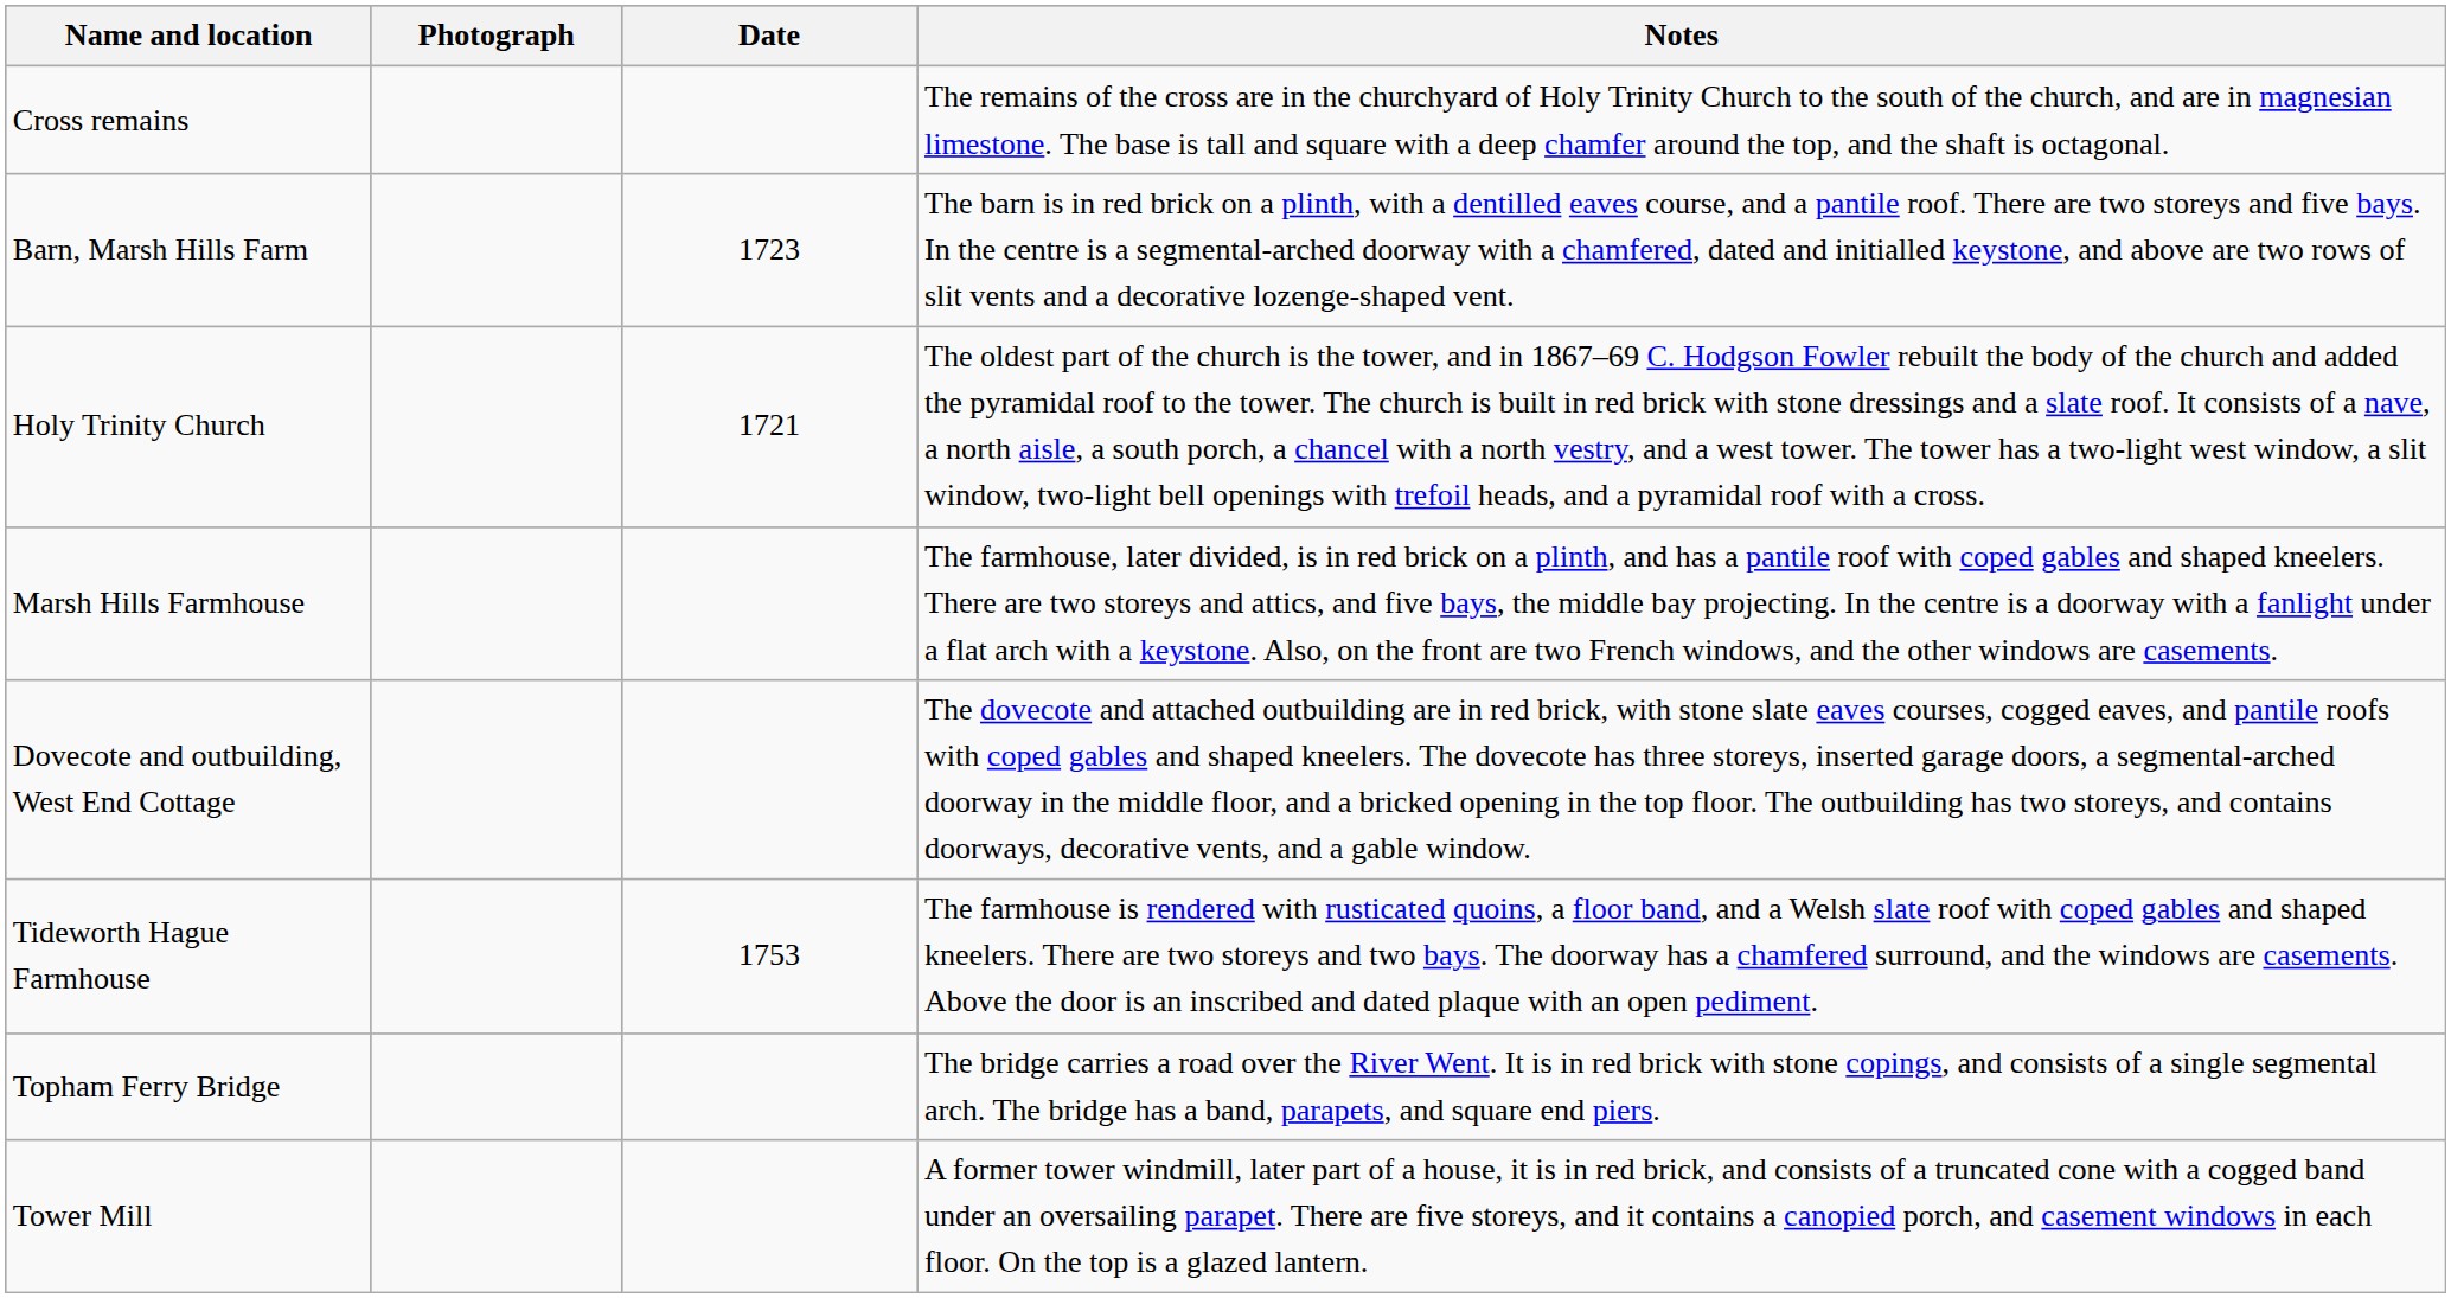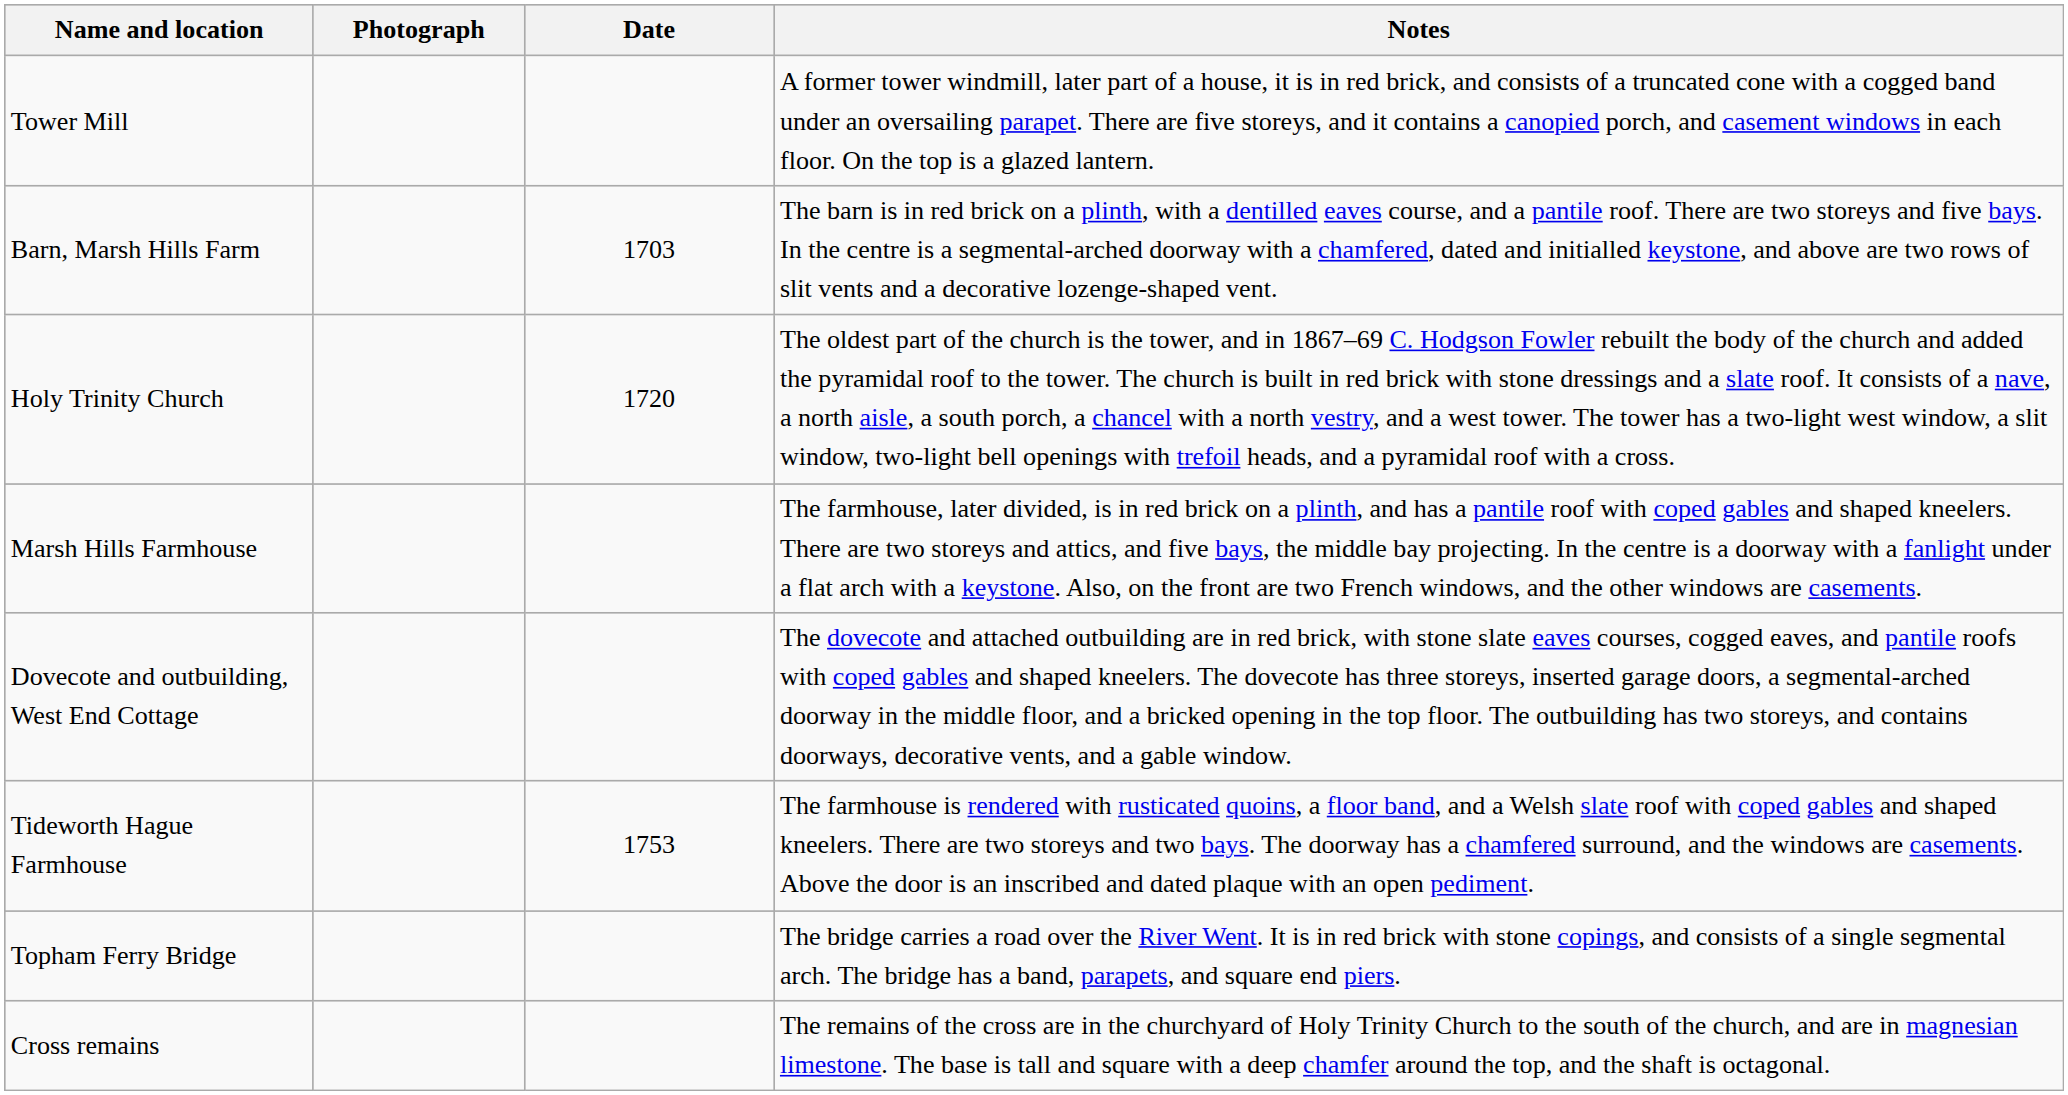 <table class="wikitable sortable plainrowheaders" style="width:100%;border:0px;text-align:left;line-height:150%;">
 <tr>
 <th scope="col"  style="width:150px">Name and location</th>
 <th scope="col"  style="width:100px" class="unsortable">Photograph</th>
 <th scope="col"  style="width:120px">Date</th>
 <th scope="col"  style="width:650px" class="unsortable">Notes</th>
 </tr>
 <tr>
-<td>Cross remains<br><small></small></td>
+<td>Tower Mill<br><small></small></td>
 <td></td>
 <td align="center"></td>
-<td>The remains of the cross are in the churchyard of Holy Trinity Church to the south of the church, and are in <a href='#'>magnesian limestone</a>.  The base is tall and square with a deep <a href='#'>chamfer</a> around the top, and the shaft is octagonal.</td>
+<td>A former tower windmill, later part of a house, it is in red brick, and consists of a truncated cone with a cogged band under an oversailing <a href='#'>parapet</a>.  There are five storeys, and it contains a <a href='#'>canopied</a> porch, and <a href='#'>casement windows</a> in each floor.  On the top is a glazed lantern.</td>
 </tr>
 <tr>
 <td>Barn, Marsh Hills Farm<br><small></small></td>
 <td></td>
-<td align="center">1723</td>
+<td align="center">1703</td>
 <td>The barn is in red brick on a <a href='#'>plinth</a>, with a <a href='#'>dentilled</a> <a href='#'>eaves</a> course, and a <a href='#'>pantile</a> roof.  There are two storeys and five <a href='#'>bays</a>.  In the centre is a segmental-arched doorway with a <a href='#'>chamfered</a>, dated and initialled <a href='#'>keystone</a>, and above are two rows of slit vents and a decorative lozenge-shaped vent.</td>
 </tr>
 <tr>
 <td>Holy Trinity Church<br><small></small></td>
 <td></td>
-<td align="center">1721</td>
+<td align="center">1720</td>
 <td>The oldest part of the church is the tower, and in 1867–69 <a href='#'>C. Hodgson Fowler</a> rebuilt the body of the church and added the pyramidal roof to the tower.  The church is built in red brick with stone dressings and a <a href='#'>slate</a> roof.  It consists of a <a href='#'>nave</a>, a north <a href='#'>aisle</a>, a south porch, a <a href='#'>chancel</a> with a north <a href='#'>vestry</a>, and a west tower.  The tower has a two-light west window, a slit window, two-light bell openings with <a href='#'>trefoil</a> heads, and a pyramidal roof with a cross.</td>
 </tr>
 <tr>
 <td>Marsh Hills Farmhouse<br><small></small></td>
 <td></td>
 <td align="center"></td>
 <td>The farmhouse, later divided, is in red brick on a <a href='#'>plinth</a>, and has a <a href='#'>pantile</a> roof with <a href='#'>coped</a> <a href='#'>gables</a> and shaped kneelers.  There are two storeys and attics, and five <a href='#'>bays</a>, the middle bay projecting.  In the centre is a doorway with a <a href='#'>fanlight</a> under a flat arch with a <a href='#'>keystone</a>.  Also, on the front are two French windows, and the other windows are <a href='#'>casements</a>.</td>
 </tr>
 <tr>
 <td>Dovecote and outbuilding,<br>West End Cottage<br><small></small></td>
 <td></td>
 <td align="center"></td>
 <td>The <a href='#'>dovecote</a> and attached outbuilding are in red brick, with stone slate <a href='#'>eaves</a> courses, cogged eaves, and <a href='#'>pantile</a> roofs with <a href='#'>coped</a> <a href='#'>gables</a> and shaped kneelers.  The dovecote has three storeys, inserted garage doors, a segmental-arched doorway in the middle floor, and a bricked opening in the top floor.  The outbuilding has two storeys, and contains doorways, decorative vents, and a gable window.</td>
 </tr>
 <tr>
 <td>Tideworth Hague Farmhouse<br><small></small></td>
 <td></td>
 <td align="center">1753</td>
 <td>The farmhouse is <a href='#'>rendered</a> with <a href='#'>rusticated</a> <a href='#'>quoins</a>, a <a href='#'>floor band</a>, and a Welsh <a href='#'>slate</a> roof with <a href='#'>coped</a> <a href='#'>gables</a> and shaped kneelers.  There are two storeys and two <a href='#'>bays</a>.  The doorway has a <a href='#'>chamfered</a> surround, and the windows are <a href='#'>casements</a>.  Above the door is an inscribed and dated plaque with an open <a href='#'>pediment</a>.</td>
 </tr>
 <tr>
 <td>Topham Ferry Bridge<br><small></small></td>
 <td></td>
 <td align="center"></td>
 <td>The bridge carries a road over the <a href='#'>River Went</a>.  It is in red brick with stone <a href='#'>copings</a>, and consists of a single segmental arch.  The bridge has a band, <a href='#'>parapets</a>, and square end <a href='#'>piers</a>.</td>
 </tr>
 <tr>
-<td>Tower Mill<br><small></small></td>
+<td>Cross remains<br><small></small></td>
 <td></td>
 <td align="center"></td>
-<td>A former tower windmill, later part of a house, it is in red brick, and consists of a truncated cone with a cogged band under an oversailing <a href='#'>parapet</a>.  There are five storeys, and it contains a <a href='#'>canopied</a> porch, and <a href='#'>casement windows</a> in each floor.  On the top is a glazed lantern.</td>
+<td>The remains of the cross are in the churchyard of Holy Trinity Church to the south of the church, and are in <a href='#'>magnesian limestone</a>.  The base is tall and square with a deep <a href='#'>chamfer</a> around the top, and the shaft is octagonal.</td>
 </tr>
 <tr>
 </tr>
 </table>
